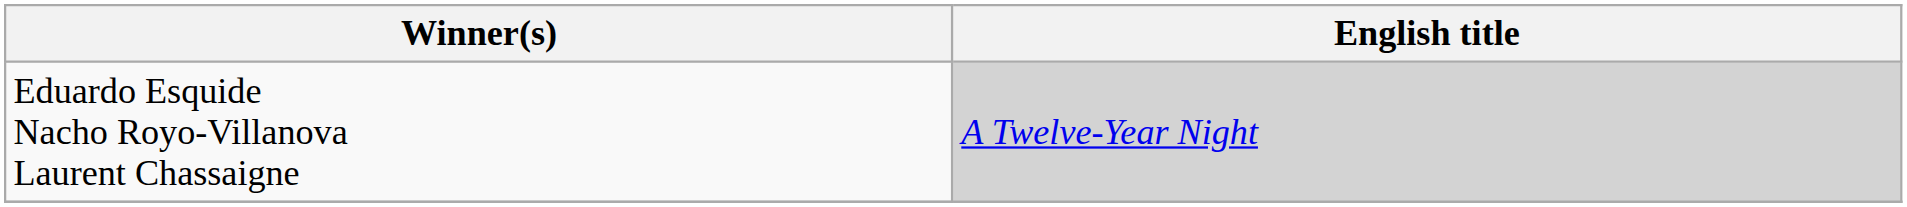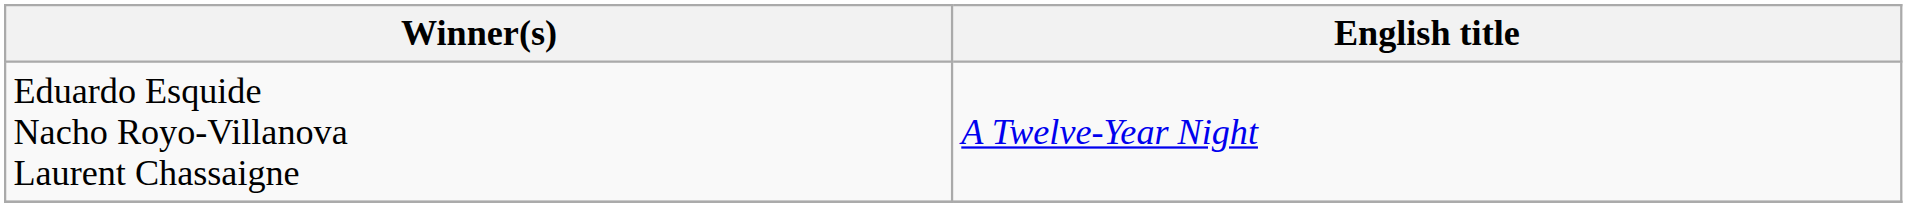 <table class="wikitable" width="95%" cellpadding="5">
 <tr>
 <th width="18%">Winner(s)</th>
 <th width="18%">English title</th>
 </tr>
 <tr>
 <td>  Eduardo Esquide <br>  Nacho Royo-Villanova <br>  Laurent Chassaigne</td>
-<td style="background: lightgrey;"><em><a href='#'>A Twelve-Year Night</a></em></td>
+<td><em><a href='#'>A Twelve-Year Night</a></em></td>
 </tr>
 <tr>
 </tr>
 </table>
